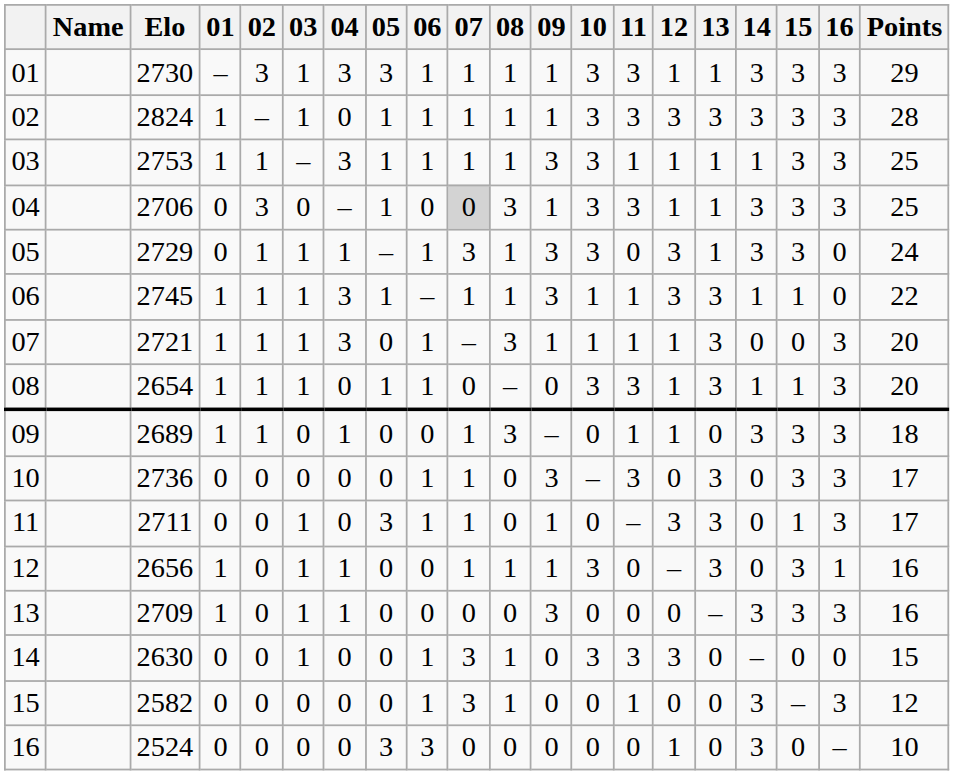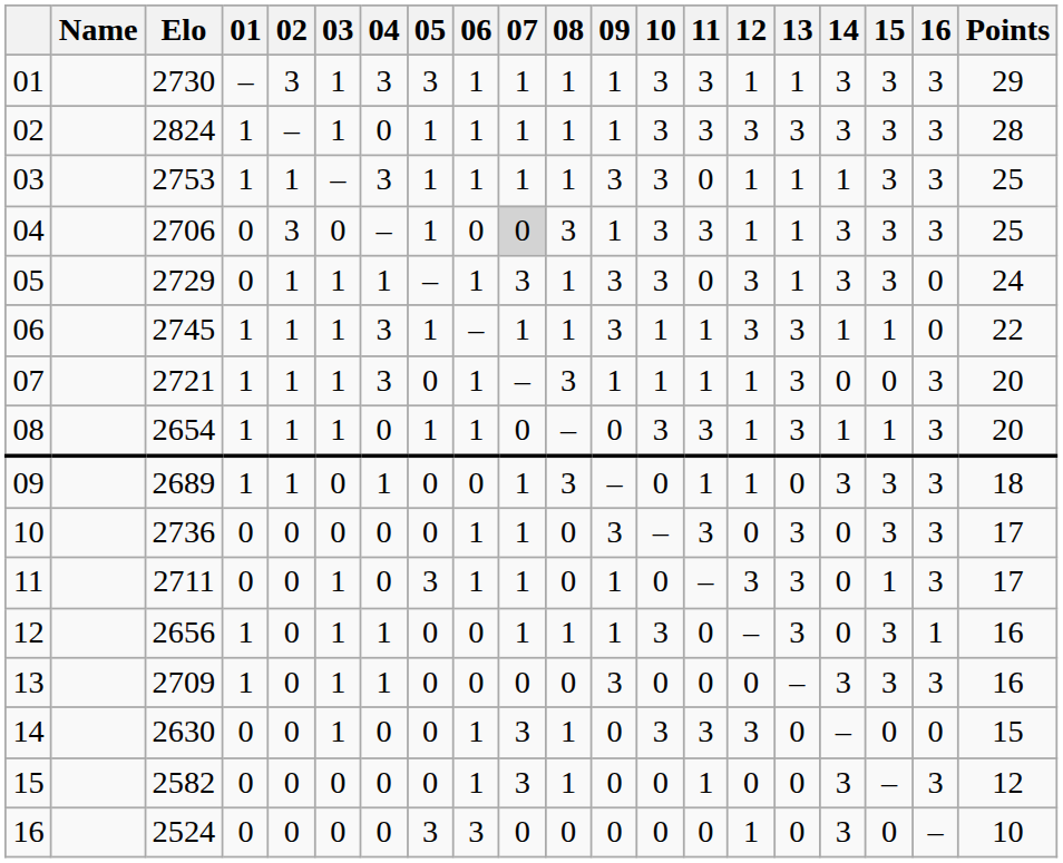 <table class="wikitable" style="text-align:center">
 <tr>
 <th></th>
 <th>Name</th>
 <th>Elo</th>
 <th>01</th>
 <th>02</th>
 <th>03</th>
 <th>04</th>
 <th>05</th>
 <th>06</th>
 <th>07</th>
 <th>08</th>
 <th>09</th>
 <th>10</th>
 <th>11</th>
 <th>12</th>
 <th>13</th>
 <th>14</th>
 <th>15</th>
 <th>16</th>
 <th>Points</th>
 </tr>
 <tr>
 <td>01</td>
 <td style="text-align:left;" data-sort-value="Giri"></td>
 <td>2730</td>
 <td>–</td>
 <td>3</td>
 <td>1</td>
 <td>3</td>
 <td>3</td>
 <td>1</td>
 <td>1</td>
 <td>1</td>
 <td>1</td>
 <td>3</td>
 <td>3</td>
 <td>1</td>
 <td>1</td>
 <td>3</td>
 <td>3</td>
 <td>3</td>
 <td>29</td>
 </tr>
 <tr>
 <td>02</td>
 <td style="text-align:left;" data-sort-value="Carlsen"></td>
 <td>2824</td>
 <td>1</td>
 <td>–</td>
 <td>1</td>
 <td>0</td>
 <td>1</td>
 <td>1</td>
 <td>1</td>
 <td>1</td>
 <td>1</td>
 <td>3</td>
 <td>3</td>
 <td>3</td>
 <td>3</td>
 <td>3</td>
 <td>3</td>
 <td>3</td>
 <td>28</td>
 </tr>
 <tr>
 <td>03</td>
 <td style="text-align:left;" data-sort-value="Ding"></td>
 <td>2753</td>
 <td>1</td>
 <td>1</td>
 <td>–</td>
 <td>3</td>
 <td>1</td>
 <td>1</td>
 <td>1</td>
 <td>1</td>
 <td>3</td>
 <td>3</td>
-<td>1</td>
+<td>0</td>
 <td>1</td>
 <td>1</td>
 <td>1</td>
 <td>3</td>
 <td>3</td>
 <td>25</td>
 </tr>
 <tr>
 <td>04</td>
 <td style="text-align:left;" data-sort-value="Praggnanandhaa"></td>
 <td>2706</td>
 <td>0</td>
 <td>3</td>
 <td>0</td>
 <td>–</td>
 <td>1</td>
 <td>0</td>
 <td style="background: lightgrey;">0</td>
 <td>3</td>
 <td>1</td>
 <td>3</td>
 <td>3</td>
 <td>1</td>
 <td>1</td>
 <td>3</td>
 <td>3</td>
 <td>3</td>
 <td>25</td>
 </tr>
 <tr>
 <td>05</td>
 <td style="text-align:left;" data-sort-value="Wei"></td>
 <td>2729</td>
 <td>0</td>
 <td>1</td>
 <td>1</td>
 <td>1</td>
 <td>–</td>
 <td>1</td>
 <td>3</td>
 <td>1</td>
 <td>3</td>
 <td>3</td>
 <td>0</td>
 <td>3</td>
 <td>1</td>
 <td>3</td>
 <td>3</td>
 <td>0</td>
 <td>24</td>
 </tr>
 <tr>
 <td>06</td>
 <td style="text-align:left;" data-sort-value="Mamedyarov"></td>
 <td>2745</td>
 <td>1</td>
 <td>1</td>
 <td>1</td>
 <td>3</td>
 <td>1</td>
 <td>–</td>
 <td>1</td>
 <td>1</td>
 <td>3</td>
 <td>1</td>
 <td>1</td>
 <td>3</td>
 <td>3</td>
 <td>1</td>
 <td>1</td>
 <td>0</td>
 <td>22</td>
 </tr>
 <tr>
 <td>07</td>
 <td style="text-align:left;" data-sort-value="Guijarro"></td>
 <td>2721</td>
 <td>1</td>
 <td>1</td>
 <td>1</td>
 <td>3</td>
 <td>0</td>
 <td>1</td>
 <td>–</td>
 <td>3</td>
 <td>1</td>
 <td>1</td>
 <td>1</td>
 <td>1</td>
 <td>3</td>
 <td>0</td>
 <td>0</td>
 <td>3</td>
 <td>20</td>
 </tr>
 <tr>
 <td>08</td>
 <td style="text-align:left;" data-sort-value="Tari"></td>
 <td>2654</td>
 <td>1</td>
 <td>1</td>
 <td>1</td>
 <td>0</td>
 <td>1</td>
 <td>1</td>
 <td>0</td>
 <td>–</td>
 <td>0</td>
 <td>3</td>
 <td>3</td>
 <td>1</td>
 <td>3</td>
 <td>1</td>
 <td>1</td>
 <td>3</td>
 <td>20</td>
 </tr>
 <tr>
 <td style="border-top: 2px solid #000000;">09</td>
 <td style="text-align:left; border-top: 2px solid #000000;" data-sort-value="Pentala"></td>
 <td style="border-top: 2px solid #000000;">2689</td>
 <td style="border-top: 2px solid #000000;">1</td>
 <td style="border-top: 2px solid #000000;">1</td>
 <td style="border-top: 2px solid #000000;">0</td>
 <td style="border-top: 2px solid #000000;">1</td>
 <td style="border-top: 2px solid #000000;">0</td>
 <td style="border-top: 2px solid #000000;">0</td>
 <td style="border-top: 2px solid #000000;">1</td>
 <td style="border-top: 2px solid #000000;">3</td>
 <td style="border-top: 2px solid #000000;">–</td>
 <td style="border-top: 2px solid #000000;">0</td>
 <td style="border-top: 2px solid #000000;">1</td>
 <td style="border-top: 2px solid #000000;">1</td>
 <td style="border-top: 2px solid #000000;">0</td>
 <td style="border-top: 2px solid #000000;">3</td>
 <td style="border-top: 2px solid #000000;">3</td>
 <td style="border-top: 2px solid #000000;">3</td>
 <td style="border-top: 2px solid #000000;">18</td>
 </tr>
 <tr>
 <td>10</td>
 <td style="text-align:left;" data-sort-value="van Foreest"></td>
 <td>2736</td>
 <td>0</td>
 <td>0</td>
 <td>0</td>
 <td>0</td>
 <td>0</td>
 <td>1</td>
 <td>1</td>
 <td>0</td>
 <td>3</td>
 <td>–</td>
 <td>3</td>
 <td>0</td>
 <td>3</td>
 <td>0</td>
 <td>3</td>
 <td>3</td>
 <td>17</td>
 </tr>
 <tr>
 <td>11</td>
 <td style="text-align:left;" data-sort-value="Gujrathi"></td>
 <td>2711</td>
 <td>0</td>
 <td>0</td>
 <td>1</td>
 <td>0</td>
 <td>3</td>
 <td>1</td>
 <td>1</td>
 <td>0</td>
 <td>1</td>
 <td>0</td>
 <td>–</td>
 <td>3</td>
 <td>3</td>
 <td>0</td>
 <td>1</td>
 <td>3</td>
 <td>17</td>
 </tr>
 <tr>
 <td>12</td>
 <td style="text-align:left;" data-sort-value="Grandelius"></td>
 <td>2656</td>
 <td>1</td>
 <td>0</td>
 <td>1</td>
 <td>1</td>
 <td>0</td>
 <td>0</td>
 <td>1</td>
 <td>1</td>
 <td>1</td>
 <td>3</td>
 <td>0</td>
 <td>–</td>
 <td>3</td>
 <td>0</td>
 <td>3</td>
 <td>1</td>
 <td>16</td>
 </tr>
 <tr>
 <td>13</td>
 <td style="text-align:left;" data-sort-value="Shankland"></td>
 <td>2709</td>
 <td>1</td>
 <td>0</td>
 <td>1</td>
 <td>1</td>
 <td>0</td>
 <td>0</td>
 <td>0</td>
 <td>0</td>
 <td>3</td>
 <td>0</td>
 <td>0</td>
 <td>0</td>
 <td>–</td>
 <td>3</td>
 <td>3</td>
 <td>3</td>
 <td>16</td>
 </tr>
 <tr>
 <td>14</td>
 <td style="text-align:left;" data-sort-value="Hansen"></td>
 <td>2630</td>
 <td>0</td>
 <td>0</td>
 <td>1</td>
 <td>0</td>
 <td>0</td>
 <td>1</td>
 <td>3</td>
 <td>1</td>
 <td>0</td>
 <td>3</td>
 <td>3</td>
 <td>3</td>
 <td>0</td>
 <td>–</td>
 <td>0</td>
 <td>0</td>
 <td>15</td>
 </tr>
 <tr>
 <td>15</td>
 <td style="text-align:left;" data-sort-value="Jones"></td>
 <td>2582</td>
 <td>0</td>
 <td>0</td>
 <td>0</td>
 <td>0</td>
 <td>0</td>
 <td>1</td>
 <td>3</td>
 <td>1</td>
 <td>0</td>
 <td>0</td>
 <td>1</td>
 <td>0</td>
 <td>0</td>
 <td>3</td>
 <td>–</td>
 <td>3</td>
 <td>12</td>
 </tr>
 <tr>
 <td>16</td>
 <td style="text-align:left;" data-sort-value="Mishra"></td>
 <td>2524</td>
 <td>0</td>
 <td>0</td>
 <td>0</td>
 <td>0</td>
 <td>3</td>
 <td>3</td>
 <td>0</td>
 <td>0</td>
 <td>0</td>
 <td>0</td>
 <td>0</td>
 <td>1</td>
 <td>0</td>
 <td>3</td>
 <td>0</td>
 <td>–</td>
 <td>10</td>
 </tr>
 </table>
